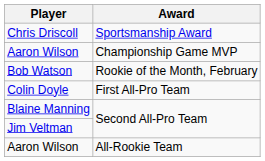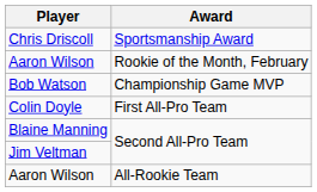 <table class="wikitable">
 <tr>
 <th>Player</th>
 <th>Award</th>
 </tr>
 <tr>
 <td><a href='#'>Chris Driscoll</a></td>
 <td><a href='#'>Sportsmanship Award</a></td>
 </tr>
 <tr>
 <td><a href='#'>Aaron Wilson</a></td>
-<td>Championship Game MVP</td>
+<td>Rookie of the Month, February</td>
 </tr>
 <tr>
 <td><a href='#'>Bob Watson</a></td>
-<td>Rookie of the Month, February</td>
+<td>Championship Game MVP</td>
 </tr>
 <tr>
 <td><a href='#'>Colin Doyle</a></td>
 <td>First All-Pro Team</td>
 </tr>
 <tr>
 <td><a href='#'>Blaine Manning</a></td>
 <td rowspan=2>Second All-Pro Team</td>
 </tr>
 <tr>
 <td><a href='#'>Jim Veltman</a></td>
 </tr>
 <tr>
 <td>Aaron Wilson</td>
 <td>All-Rookie Team</td>
 </tr>
 </table>
